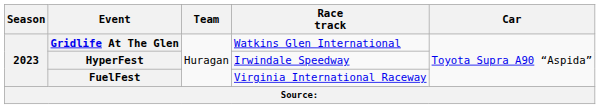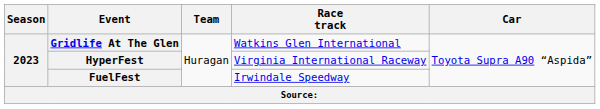 <table class="wikitable">
 <tr>
 <th>Season</th>
 <th>Event</th>
 <th>Team</th>
 <th>Race<br>track</th>
 <th>Car</th>
 </tr>
 <tr>
 <th rowspan="3">2023</th>
 <th><a href='#'>Gridlife</a> At The Glen</th>
 <td rowspan="3">Huragan</td>
 <td><a href='#'>Watkins Glen International</a></td>
 <td rowspan="3"><a href='#'>Toyota Supra A90</a> “Aspida”</td>
 </tr>
 <tr>
 <th>HyperFest</th>
-<td><a href='#'>Irwindale Speedway</a></td>
+<td><a href='#'>Virginia International Raceway</a></td>
 </tr>
 <tr>
 <th>FuelFest</th>
-<td><a href='#'>Virginia International Raceway</a></td>
+<td><a href='#'>Irwindale Speedway</a></td>
 </tr>
 <tr>
 <th colspan="5"><small>Source:</small></th>
 </tr>
 </table>
